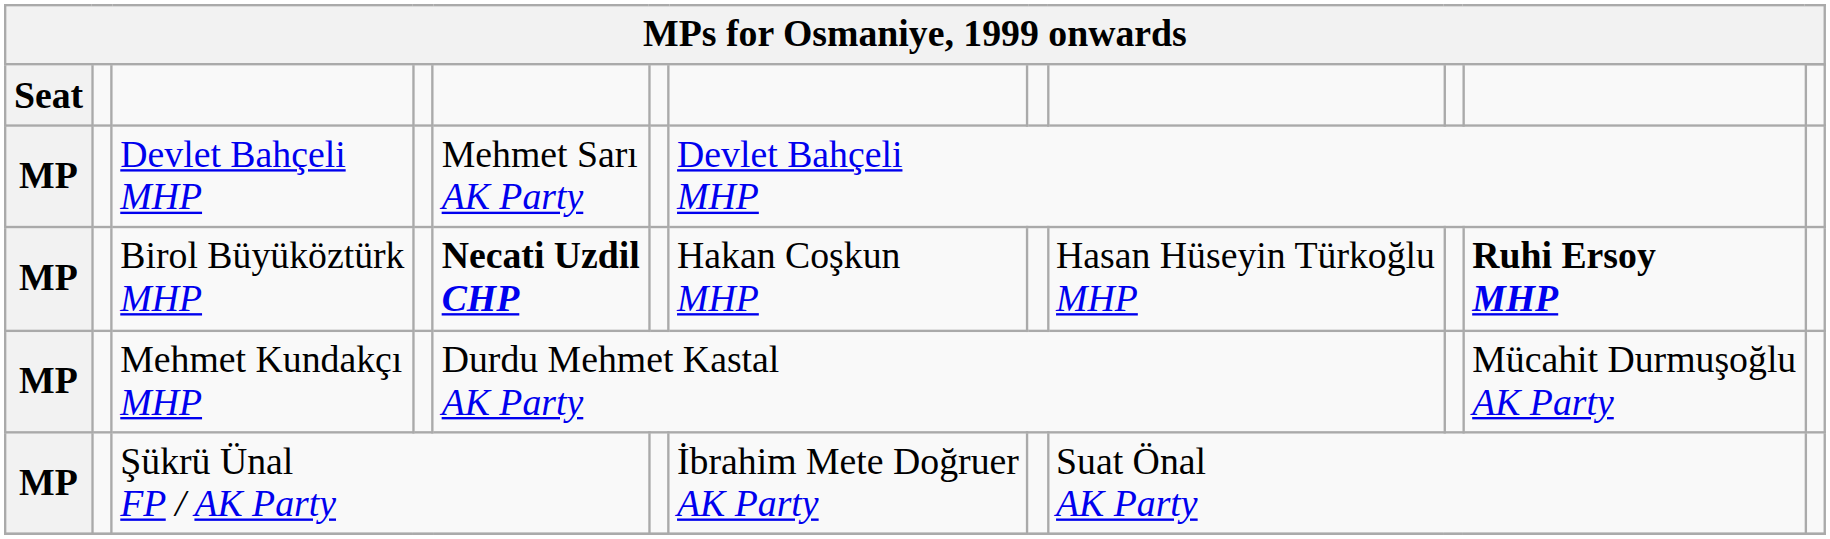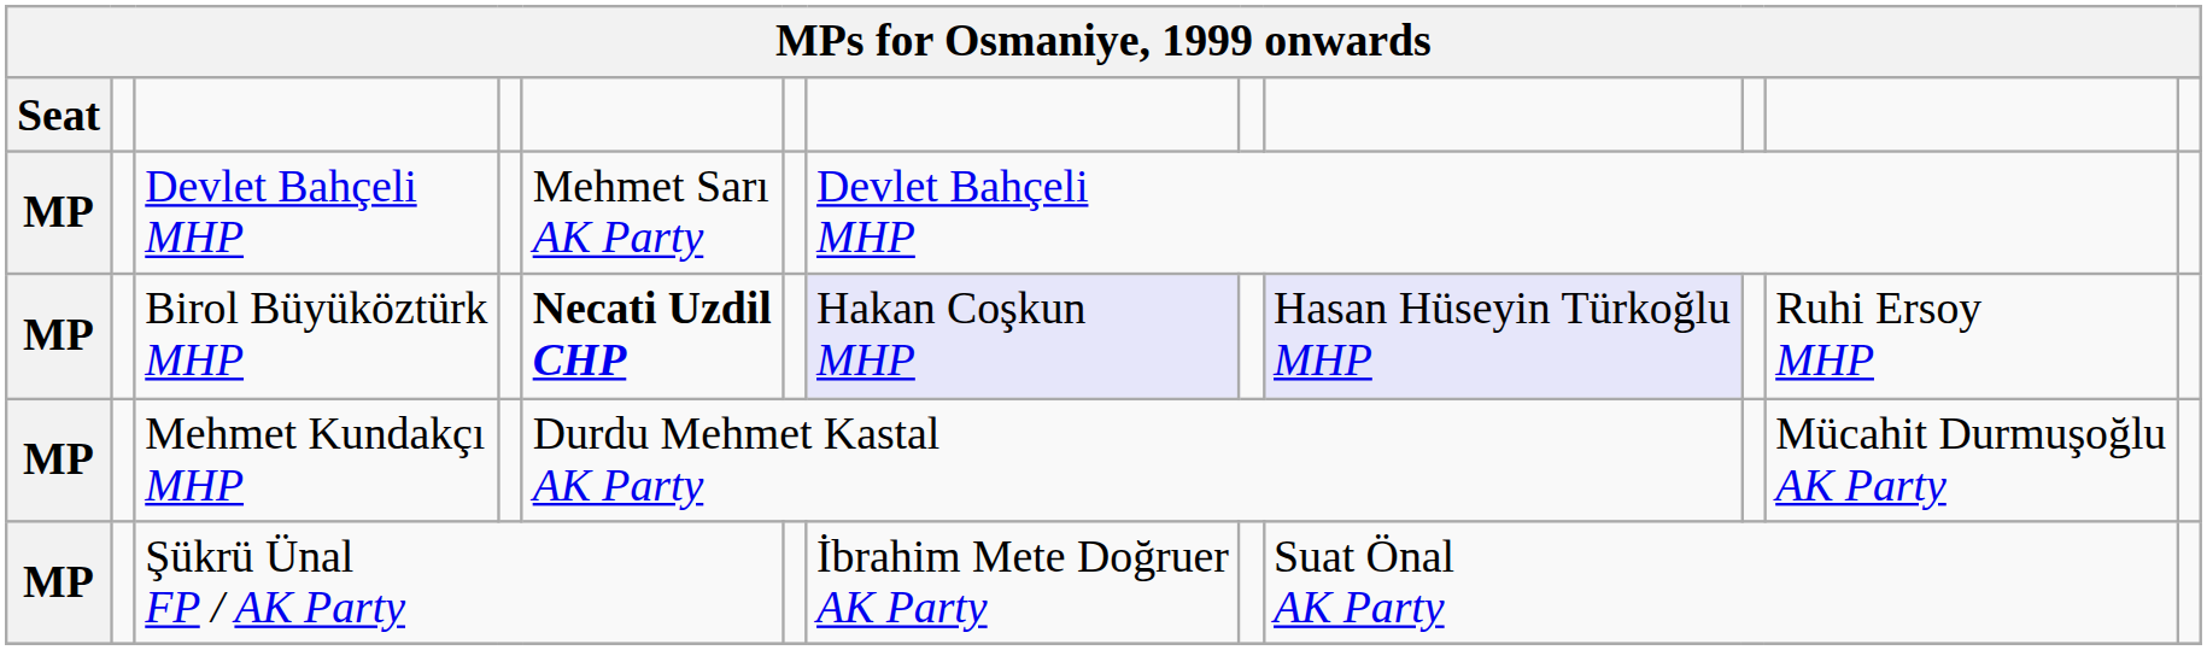 <table class="wikitable">
 <tr>
 <th colspan = 12>MPs for Osmaniye, 1999 onwards</th>
 </tr>
 <tr>
 <th rowspan = 2>Seat</th>
 <td rowspan="2" style="width:1px;"></td>
 <td rowspan = 2></td>
 <td rowspan="2" style="width:1px;"></td>
 <td rowspan = 2></td>
 <td rowspan="2" style="width:1px;"></td>
 <td rowspan = 2></td>
 <td rowspan="2" style="width:1px;"></td>
 <td rowspan = 2></td>
 <td rowspan="2" style="width:1px;"></td>
 <td rowspan = 2></td>
 </tr>
 <tr>
 <td></td>
 </tr>
 <tr>
 <th>MP</th>
 <td width=1px style="background-color: "></td>
 <td colspan = 1><a href='#'>Devlet Bahçeli</a><br><em><a href='#'>MHP</a></em></td>
 <td width=1px style="background-color: "></td>
 <td colspan = 1>Mehmet Sarı<br><em><a href='#'>AK Party</a></em></td>
 <td width=1px style="background-color: "></td>
 <td colspan = 5><a href='#'>Devlet Bahçeli</a><br><em><a href='#'>MHP</a></em></td>
 <td width=1px style="background-color: "></td>
 </tr>
 <tr>
 <th>MP</th>
 <td width=1px style="background-color: "></td>
 <td colspan = 1>Birol Büyüköztürk<br><em><a href='#'>MHP</a></em></td>
 <td width=1px style="background-color: "></td>
 <td colspan = 1><strong>Necati Uzdil<br><em><a href='#'>CHP</a></em></strong></td>
 <td width=1px style="background-color: "></td>
-<td colspan = 1>Hakan Coşkun<br><em><a href='#'>MHP</a></em></td>
+<td colspan = 1 style="background: lavender;">Hakan Coşkun<br><em><a href='#'>MHP</a></em></td>
 <td width=1px style="background-color: "></td>
-<td colspan = 1>Hasan Hüseyin Türkoğlu<br><em><a href='#'>MHP</a></em></td>
+<td colspan = 1 style="background: lavender;">Hasan Hüseyin Türkoğlu<br><em><a href='#'>MHP</a></em></td>
 <td width=1px style="background-color: "></td>
-<td colspan = 1><strong>Ruhi Ersoy<br><em><a href='#'>MHP</a></em></strong></td>
+<td colspan = 1>Ruhi Ersoy<br><em><a href='#'>MHP</a></em></td>
 <td width=1px style="background-color: "></td>
 </tr>
 <tr>
 <th>MP</th>
 <td width=1px style="background-color: "></td>
 <td colspan = 1>Mehmet Kundakçı<br><em><a href='#'>MHP</a></em></td>
 <td width=1px style="background-color: "></td>
 <td colspan = 5>Durdu Mehmet Kastal<br><em><a href='#'>AK Party</a></em></td>
 <td width=1px style="background-color: "></td>
 <td colspan = 1>Mücahit Durmuşoğlu<br><em><a href='#'>AK Party</a></em></td>
 <td width=1px style="background-color: "></td>
 </tr>
 <tr>
 <th>MP</th>
 <td width=1px style="background-color: "></td>
 <td colspan = 3>Şükrü Ünal<br><em><a href='#'>FP</a> / <a href='#'>AK Party</a></em></td>
 <td width=1px style="background-color: "></td>
 <td colspan = 1>İbrahim Mete Doğruer<br><em><a href='#'>AK Party</a></em></td>
 <td width=1px style="background-color: "></td>
 <td colspan = 3>Suat Önal<br><em><a href='#'>AK Party</a></em></td>
 <td width=1px style="background-color: "></td>
 </tr>
 <tr>
 </tr>
 </table>
